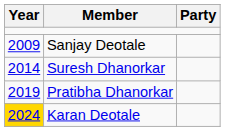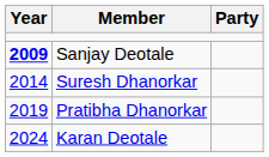 <table class="wikitable">
 <tr>
 <th>Year</th>
 <th>Member</th>
 <th colspan="2">Party</th>
 </tr>
 <tr>
 <td colspan="4"></td>
 </tr>
 <tr>
-<td><a href='#'>2009</a></td>
+<td><strong><a href='#'>2009</a></strong></td>
 <td>Sanjay Deotale</td>
 <td></td>
 </tr>
 <tr>
 <td><a href='#'>2014</a></td>
 <td><a href='#'>Suresh Dhanorkar</a></td>
 <td></td>
 </tr>
 <tr>
 <td><a href='#'>2019</a></td>
 <td><a href='#'>Pratibha Dhanorkar</a></td>
 <td></td>
 </tr>
 <tr>
-<td style="background: gold;"><a href='#'>2024</a></td>
+<td><a href='#'>2024</a></td>
 <td><a href='#'>Karan Deotale</a></td>
 <td></td>
 </tr>
 </table>
